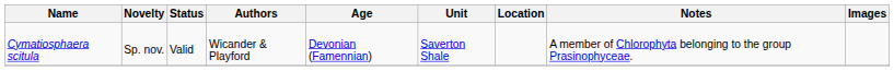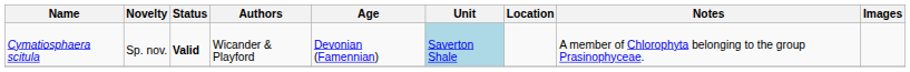 <table class="wikitable sortable" align="center" width="100%">
 <tr>
 <th>Name</th>
 <th>Novelty</th>
 <th>Status</th>
 <th>Authors</th>
 <th>Age</th>
 <th>Unit</th>
 <th>Location</th>
 <th>Notes</th>
 <th>Images</th>
 </tr>
 <tr>
 <td><br><em><a href='#'>Cymatiosphaera scitula</a></em></td>
 <td><br>Sp. nov.</td>
-<td><br>Valid</td>
+<td><strong><br>Valid</strong></td>
 <td><br>Wicander & Playford</td>
 <td><br><a href='#'>Devonian</a> (<a href='#'>Famennian</a>)</td>
-<td><br><a href='#'>Saverton Shale</a></td>
+<td style="background: lightblue;"><br><a href='#'>Saverton Shale</a></td>
 <td><br></td>
 <td><br>A member of <a href='#'>Chlorophyta</a> belonging to the group <a href='#'>Prasinophyceae</a>.</td>
 <td></td>
 </tr>
 <tr>
 </tr>
 </table>
